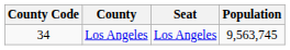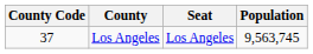 <table class="wikitable sortable" style="text-align:center;">
 <tr>
 <th> County Code</th>
 <th>County</th>
 <th>Seat</th>
 <th>Population</th>
 </tr>
 <tr>
-<td>34</td>
+<td>37</td>
 <td><a href='#'>Los Angeles</a></td>
 <td><a href='#'>Los Angeles</a></td>
 <td>9,563,745</td>
 </tr>
 </table>
